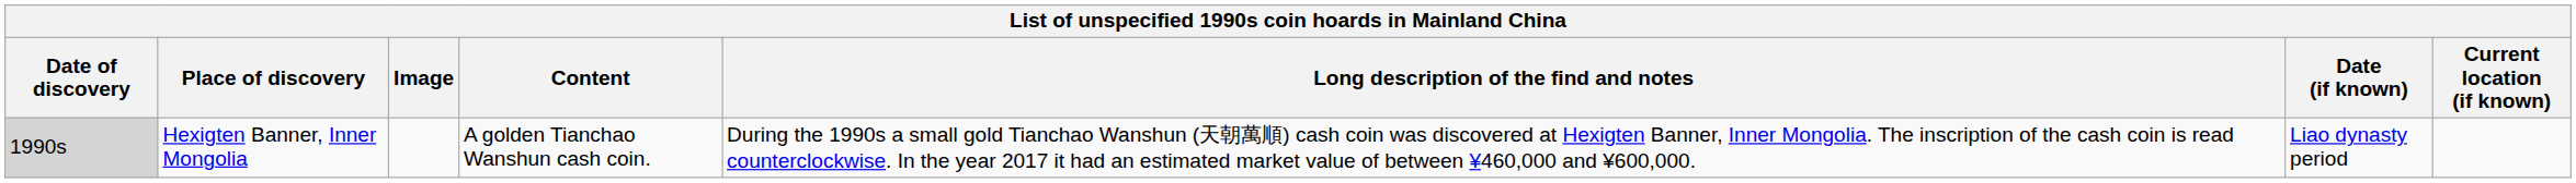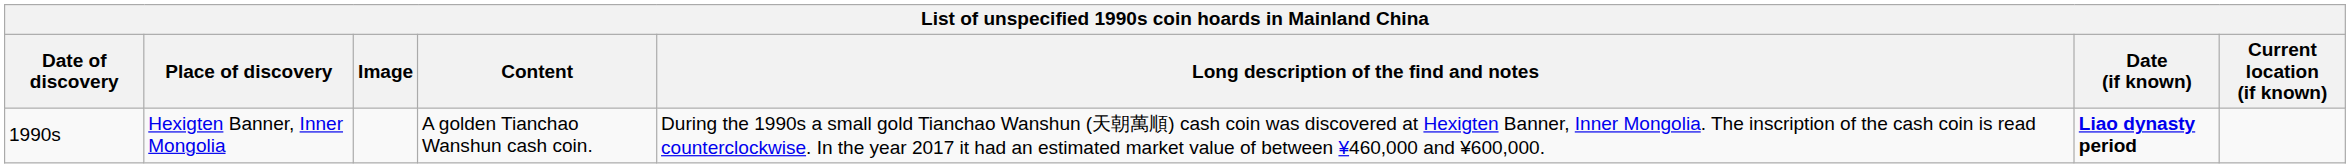 <table class="wikitable" style="font-size: 100%">
 <tr>
 <th colspan=7>List of unspecified 1990s coin hoards in Mainland China</th>
 </tr>
 <tr>
 <th>Date of discovery</th>
 <th>Place of discovery</th>
 <th>Image</th>
 <th>Content</th>
 <th>Long description of the find and notes</th>
 <th>Date<br>(if known)</th>
 <th>Current location<br>(if known)</th>
 </tr>
 <tr>
-<td style="background: lightgrey;">1990s</td>
+<td>1990s</td>
 <td><a href='#'>Hexigten</a> Banner, <a href='#'>Inner Mongolia</a></td>
 <td></td>
 <td>A golden Tianchao Wanshun cash coin.</td>
 <td>During the 1990s a small gold Tianchao Wanshun (天朝萬順) cash coin was discovered at <a href='#'>Hexigten</a> Banner, <a href='#'>Inner Mongolia</a>. The inscription of the cash coin is read <a href='#'>counterclockwise</a>. In the year 2017 it had an estimated market value of between <a href='#'>¥</a>460,000 and ¥600,000.</td>
-<td><a href='#'>Liao dynasty</a> period</td>
+<td><strong><a href='#'>Liao dynasty</a> period</strong></td>
 <td></td>
 </tr>
 </table>
